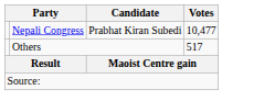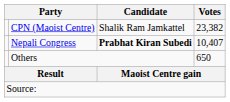 <table class="wikitable">
 <tr>
 <th colspan="2">Party</th>
 <th>Candidate</th>
 <th>Votes</th>
 </tr>
 <tr>
 <td style="background-color:"></td>
+<td><a href='#'>CPN (Maoist Centre)</a></td>
+<td>Shalik Ram Jamkattel</td>
+<td>23,382</td>
+</tr>
+<tr>
+<td style="background-color:"></td>
 <td><a href='#'>Nepali Congress</a></td>
-<td>Prabhat Kiran Subedi</td>
-<td>10,477</td>
+<td><strong>Prabhat Kiran Subedi</strong></td>
+<td>10,407</td>
 </tr>
 <tr>
 <td></td>
 <td colspan="2">Others</td>
-<td>517</td>
+<td>650</td>
 </tr>
 <tr>
 <th colspan="2">Result</th>
 <th colspan="2">Maoist Centre gain</th>
 </tr>
 <tr>
 <td colspan="4">Source: </td>
 </tr>
 </table>
